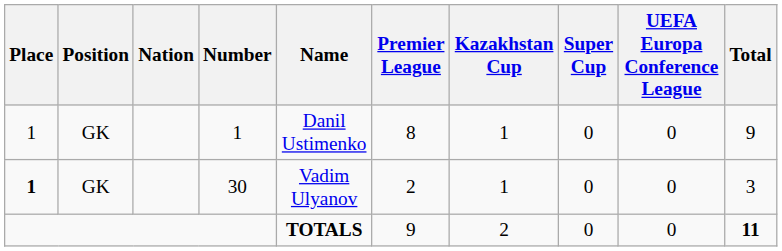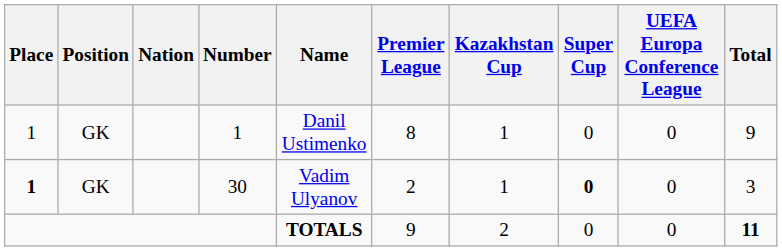 <table class="wikitable" style="font-size: 95%; text-align: center;">
 <tr>
 <th width=60>Place</th>
 <th width=60>Position</th>
 <th width=60>Nation</th>
 <th width=60>Number</th>
 <th width=200>Name</th>
 <th width=150><a href='#'>Premier League</a></th>
 <th width=150><a href='#'>Kazakhstan Cup</a></th>
 <th width=150><a href='#'>Super Cup</a></th>
 <th width=250><a href='#'>UEFA Europa Conference League</a></th>
 <th width=80>Total</th>
 </tr>
 <tr>
 <td>1</td>
 <td>GK</td>
 <td></td>
 <td>1</td>
 <td><a href='#'>Danil Ustimenko</a></td>
 <td>8</td>
 <td>1</td>
 <td>0</td>
 <td>0</td>
 <td>9</td>
 </tr>
 <tr>
 <td><strong>1</strong></td>
 <td>GK</td>
 <td></td>
 <td>30</td>
 <td><a href='#'>Vadim Ulyanov</a></td>
 <td>2</td>
 <td>1</td>
-<td>0</td>
+<td><strong>0</strong></td>
 <td>0</td>
 <td>3</td>
 </tr>
 <tr>
 <td colspan="4"></td>
 <td><strong>TOTALS</strong></td>
 <td>9</td>
 <td>2</td>
 <td>0</td>
 <td>0</td>
 <td><strong>11</strong></td>
 </tr>
 </table>
